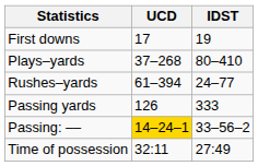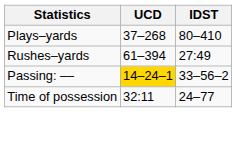 <table class="wikitable" style="float:left">
 <tr>
 <th>Statistics</th>
 <th>UCD</th>
 <th>IDST</th>
-</tr>
-<tr>
-<td>First downs</td>
-<td>17</td>
-<td>19</td>
 </tr>
 <tr>
 <td>Plays–yards</td>
 <td>37–268</td>
 <td>80–410</td>
 </tr>
 <tr>
 <td>Rushes–yards</td>
 <td>61–394</td>
-<td>24–77</td>
-</tr>
-<tr>
-<td>Passing yards</td>
-<td>126</td>
-<td>333</td>
+<td>27:49</td>
 </tr>
 <tr>
 <td>Passing: ––</td>
 <td style="background: gold;">14–24–1</td>
 <td>33–56–2</td>
 </tr>
 <tr>
 <td>Time of possession</td>
 <td>32:11</td>
-<td>27:49</td>
+<td>24–77</td>
 </tr>
 </table>
